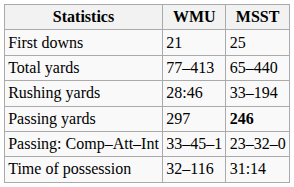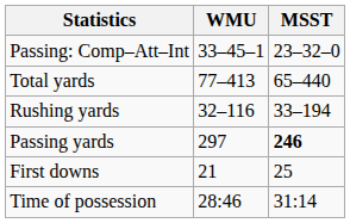 <table class="wikitable" style="float: left;">
 <tr>
 <th>Statistics</th>
 <th>WMU</th>
 <th>MSST</th>
 </tr>
 <tr>
-<td>First downs</td>
-<td>21</td>
-<td>25</td>
+<td>Passing: Comp–Att–Int</td>
+<td>33–45–1</td>
+<td>23–32–0</td>
 </tr>
 <tr>
 <td>Total yards</td>
 <td>77–413</td>
 <td>65–440</td>
 </tr>
 <tr>
 <td>Rushing yards</td>
-<td>28:46</td>
+<td>32–116</td>
 <td>33–194</td>
 </tr>
 <tr>
 <td>Passing yards</td>
 <td>297</td>
 <td><strong>246</strong></td>
 </tr>
 <tr>
-<td>Passing: Comp–Att–Int</td>
-<td>33–45–1</td>
-<td>23–32–0</td>
+<td>First downs</td>
+<td>21</td>
+<td>25</td>
 </tr>
 <tr>
 <td>Time of possession</td>
-<td>32–116</td>
+<td>28:46</td>
 <td>31:14</td>
 </tr>
 <tr>
 </tr>
 </table>
